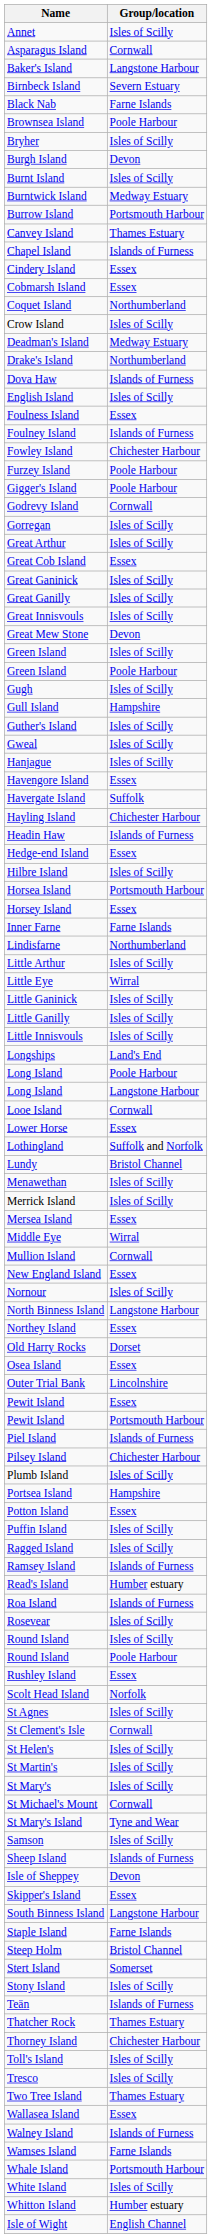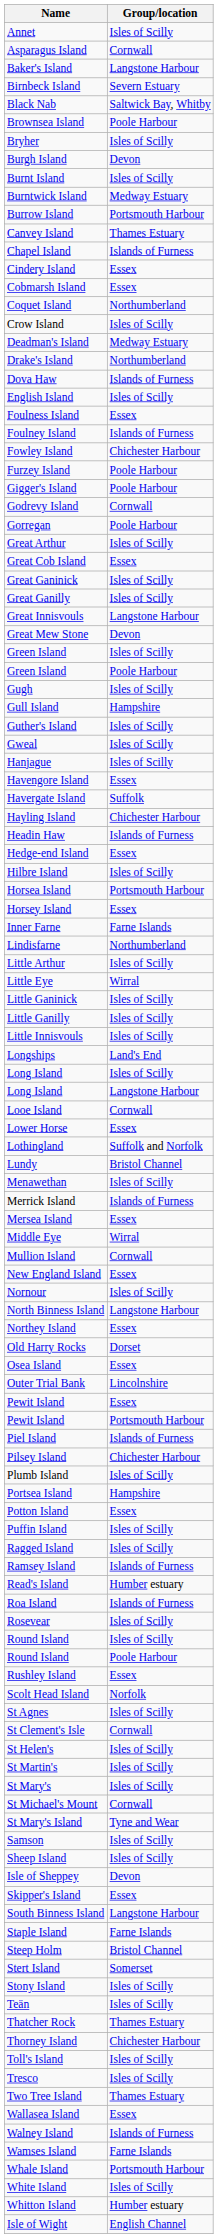 <table class="wikitable sortable static-row-numbers static-row-header-text ">
 <tr>
 <th>Name</th>
 <th>Group/location</th>
 </tr>
 <tr>
 <td><a href='#'>Annet</a></td>
 <td><a href='#'>Isles of Scilly</a></td>
 </tr>
 <tr>
 <td><a href='#'>Asparagus Island</a></td>
 <td><a href='#'>Cornwall</a></td>
 </tr>
 <tr>
 <td><a href='#'>Baker's Island</a></td>
 <td><a href='#'>Langstone Harbour</a></td>
 </tr>
 <tr>
 <td><a href='#'>Birnbeck Island</a></td>
 <td><a href='#'>Severn Estuary</a></td>
 </tr>
 <tr>
 <td><a href='#'>Black Nab</a></td>
-<td><a href='#'>Farne Islands</a></td>
+<td><a href='#'>Saltwick Bay</a>, <a href='#'>Whitby</a></td>
 </tr>
 <tr>
 <td><a href='#'>Brownsea Island</a></td>
 <td><a href='#'>Poole Harbour</a></td>
 </tr>
 <tr>
 <td><a href='#'>Bryher</a></td>
 <td><a href='#'>Isles of Scilly</a></td>
 </tr>
 <tr>
 <td><a href='#'>Burgh Island</a></td>
 <td><a href='#'>Devon</a></td>
 </tr>
 <tr>
 <td><a href='#'>Burnt Island</a></td>
 <td><a href='#'>Isles of Scilly</a></td>
 </tr>
 <tr>
 <td><a href='#'>Burntwick Island</a></td>
 <td><a href='#'>Medway Estuary</a></td>
 </tr>
 <tr>
 <td><a href='#'>Burrow Island</a></td>
 <td><a href='#'>Portsmouth Harbour</a></td>
 </tr>
 <tr 。>
 <td><a href='#'>Canvey Island</a></td>
 <td><a href='#'>Thames Estuary</a></td>
 </tr>
 <tr>
 <td><a href='#'>Chapel Island</a></td>
 <td><a href='#'>Islands of Furness</a></td>
 </tr>
 <tr>
 <td><a href='#'>Cindery Island</a></td>
 <td><a href='#'>Essex</a></td>
 </tr>
 <tr>
 <td><a href='#'>Cobmarsh Island</a></td>
 <td><a href='#'>Essex</a></td>
 </tr>
 <tr>
 <td><a href='#'>Coquet Island</a></td>
 <td><a href='#'>Northumberland</a></td>
 </tr>
 <tr>
 <td>Crow Island</td>
 <td><a href='#'>Isles of Scilly</a></td>
 </tr>
 <tr>
 <td><a href='#'>Deadman's Island</a></td>
 <td><a href='#'>Medway Estuary</a></td>
 </tr>
 <tr>
 <td><a href='#'>Drake's Island</a></td>
 <td><a href='#'>Northumberland</a></td>
 </tr>
 <tr>
 <td><a href='#'>Dova Haw</a></td>
 <td><a href='#'>Islands of Furness</a></td>
 </tr>
 <tr>
 <td><a href='#'>English Island</a></td>
 <td><a href='#'>Isles of Scilly</a></td>
 </tr>
 <tr>
 <td><a href='#'>Foulness Island</a></td>
 <td><a href='#'>Essex</a></td>
 </tr>
 <tr>
 <td><a href='#'>Foulney Island</a></td>
 <td><a href='#'>Islands of Furness</a></td>
 </tr>
 <tr>
 <td><a href='#'>Fowley Island</a></td>
 <td><a href='#'>Chichester Harbour</a></td>
 </tr>
 <tr>
 <td><a href='#'>Furzey Island</a></td>
 <td><a href='#'>Poole Harbour</a></td>
 </tr>
 <tr>
 <td><a href='#'>Gigger's Island</a></td>
 <td><a href='#'>Poole Harbour</a></td>
 </tr>
 <tr>
 <td><a href='#'>Godrevy Island</a></td>
 <td><a href='#'>Cornwall</a></td>
 </tr>
 <tr>
 <td><a href='#'>Gorregan</a></td>
-<td><a href='#'>Isles of Scilly</a></td>
+<td><a href='#'>Poole Harbour</a></td>
 </tr>
 <tr>
 <td><a href='#'>Great Arthur</a></td>
 <td><a href='#'>Isles of Scilly</a></td>
 </tr>
 <tr>
 <td><a href='#'>Great Cob Island</a></td>
 <td><a href='#'>Essex</a></td>
 </tr>
 <tr>
 <td><a href='#'>Great Ganinick</a></td>
 <td><a href='#'>Isles of Scilly</a></td>
 </tr>
 <tr>
 <td><a href='#'>Great Ganilly</a></td>
 <td><a href='#'>Isles of Scilly</a></td>
 </tr>
 <tr>
 <td><a href='#'>Great Innisvouls</a></td>
-<td><a href='#'>Isles of Scilly</a></td>
+<td><a href='#'>Langstone Harbour</a></td>
 </tr>
 <tr>
 <td><a href='#'>Great Mew Stone</a></td>
 <td><a href='#'>Devon</a></td>
 </tr>
 <tr>
 <td><a href='#'>Green Island</a></td>
 <td><a href='#'>Isles of Scilly</a></td>
 </tr>
 <tr>
 <td><a href='#'>Green Island</a></td>
 <td><a href='#'>Poole Harbour</a></td>
 </tr>
 <tr>
 <td><a href='#'>Gugh</a></td>
 <td><a href='#'>Isles of Scilly</a></td>
 </tr>
 <tr>
 <td><a href='#'>Gull Island</a></td>
 <td><a href='#'>Hampshire</a></td>
 </tr>
 <tr>
 <td><a href='#'>Guther's Island</a></td>
 <td><a href='#'>Isles of Scilly</a></td>
 </tr>
 <tr>
 <td><a href='#'>Gweal</a></td>
 <td><a href='#'>Isles of Scilly</a></td>
 </tr>
 <tr>
 <td><a href='#'>Hanjague</a></td>
 <td><a href='#'>Isles of Scilly</a></td>
 </tr>
 <tr>
 <td><a href='#'>Havengore Island</a></td>
 <td><a href='#'>Essex</a></td>
 </tr>
 <tr>
 <td><a href='#'>Havergate Island</a></td>
 <td><a href='#'>Suffolk</a></td>
 </tr>
 <tr>
 <td><a href='#'>Hayling Island</a></td>
 <td><a href='#'>Chichester Harbour</a></td>
 </tr>
 <tr>
 <td><a href='#'>Headin Haw</a></td>
 <td><a href='#'>Islands of Furness</a></td>
 </tr>
 <tr>
 <td><a href='#'>Hedge-end Island</a></td>
 <td><a href='#'>Essex</a></td>
 </tr>
 <tr>
 <td><a href='#'>Hilbre Island</a></td>
 <td><a href='#'>Isles of Scilly</a></td>
 </tr>
 <tr>
 <td><a href='#'>Horsea Island</a></td>
 <td><a href='#'>Portsmouth Harbour</a></td>
 </tr>
 <tr>
 <td><a href='#'>Horsey Island</a></td>
 <td><a href='#'>Essex</a></td>
 </tr>
 <tr>
 <td><a href='#'>Inner Farne</a></td>
 <td><a href='#'>Farne Islands</a></td>
 </tr>
 <tr>
 <td><a href='#'>Lindisfarne</a></td>
 <td><a href='#'>Northumberland</a></td>
 </tr>
 <tr>
 <td><a href='#'>Little Arthur</a></td>
 <td><a href='#'>Isles of Scilly</a></td>
 </tr>
 <tr>
 <td><a href='#'>Little Eye</a></td>
 <td><a href='#'>Wirral</a></td>
 </tr>
 <tr>
 <td><a href='#'>Little Ganinick</a></td>
 <td><a href='#'>Isles of Scilly</a></td>
 </tr>
 <tr>
 <td><a href='#'>Little Ganilly</a></td>
 <td><a href='#'>Isles of Scilly</a></td>
 </tr>
 <tr>
 <td><a href='#'>Little Innisvouls</a></td>
 <td><a href='#'>Isles of Scilly</a></td>
 </tr>
 <tr>
 <td><a href='#'>Longships</a></td>
 <td><a href='#'>Land's End</a></td>
 </tr>
 <tr>
 <td><a href='#'>Long Island</a></td>
-<td><a href='#'>Poole Harbour</a></td>
+<td><a href='#'>Isles of Scilly</a></td>
 </tr>
 <tr>
 <td><a href='#'>Long Island</a></td>
 <td><a href='#'>Langstone Harbour</a></td>
 </tr>
 <tr>
 <td><a href='#'>Looe Island</a></td>
 <td><a href='#'>Cornwall</a></td>
 </tr>
 <tr>
 <td><a href='#'>Lower Horse</a></td>
 <td><a href='#'>Essex</a></td>
 </tr>
 <tr>
 <td><a href='#'>Lothingland</a></td>
 <td><a href='#'>Suffolk</a> and <a href='#'>Norfolk</a></td>
 </tr>
 <tr>
 <td><a href='#'>Lundy</a></td>
 <td><a href='#'>Bristol Channel</a></td>
 </tr>
 <tr>
 <td><a href='#'>Menawethan</a></td>
 <td><a href='#'>Isles of Scilly</a></td>
 </tr>
 <tr>
 <td>Merrick Island</td>
-<td><a href='#'>Isles of Scilly</a></td>
+<td><a href='#'>Islands of Furness</a></td>
 </tr>
 <tr>
 <td><a href='#'>Mersea Island</a></td>
 <td><a href='#'>Essex</a></td>
 </tr>
 <tr>
 <td><a href='#'>Middle Eye</a></td>
 <td><a href='#'>Wirral</a></td>
 </tr>
 <tr>
 <td><a href='#'>Mullion Island</a></td>
 <td><a href='#'>Cornwall</a></td>
 </tr>
 <tr>
 <td><a href='#'>New England Island</a></td>
 <td><a href='#'>Essex</a></td>
 </tr>
 <tr>
 <td><a href='#'>Nornour</a></td>
 <td><a href='#'>Isles of Scilly</a></td>
 </tr>
 <tr>
 <td><a href='#'>North Binness Island</a></td>
 <td><a href='#'>Langstone Harbour</a></td>
 </tr>
 <tr>
 <td><a href='#'>Northey Island</a></td>
 <td><a href='#'>Essex</a></td>
 </tr>
 <tr>
 <td><a href='#'>Old Harry Rocks</a></td>
 <td><a href='#'>Dorset</a></td>
 </tr>
 <tr>
 <td><a href='#'>Osea Island</a></td>
 <td><a href='#'>Essex</a></td>
 </tr>
 <tr>
 <td><a href='#'>Outer Trial Bank</a></td>
 <td><a href='#'>Lincolnshire</a></td>
 </tr>
 <tr>
 <td><a href='#'>Pewit Island</a></td>
 <td><a href='#'>Essex</a></td>
 </tr>
 <tr>
 <td><a href='#'>Pewit Island</a></td>
 <td><a href='#'>Portsmouth Harbour</a></td>
 </tr>
 <tr>
 <td><a href='#'>Piel Island</a></td>
 <td><a href='#'>Islands of Furness</a></td>
 </tr>
 <tr>
 <td><a href='#'>Pilsey Island</a></td>
 <td><a href='#'>Chichester Harbour</a></td>
 </tr>
 <tr>
 <td>Plumb Island</td>
 <td><a href='#'>Isles of Scilly</a></td>
 </tr>
 <tr>
 <td><a href='#'>Portsea Island</a></td>
 <td><a href='#'>Hampshire</a></td>
 </tr>
 <tr>
 <td><a href='#'>Potton Island</a></td>
 <td><a href='#'>Essex</a></td>
 </tr>
 <tr>
 <td><a href='#'>Puffin Island</a></td>
 <td><a href='#'>Isles of Scilly</a></td>
 </tr>
 <tr>
 <td><a href='#'>Ragged Island</a></td>
 <td><a href='#'>Isles of Scilly</a></td>
 </tr>
 <tr>
 <td><a href='#'>Ramsey Island</a></td>
 <td><a href='#'>Islands of Furness</a></td>
 </tr>
 <tr>
 <td><a href='#'>Read's Island</a></td>
 <td><a href='#'>Humber</a> estuary</td>
 </tr>
 <tr>
 <td><a href='#'>Roa Island</a></td>
 <td><a href='#'>Islands of Furness</a></td>
 </tr>
 <tr>
 <td><a href='#'>Rosevear</a></td>
 <td><a href='#'>Isles of Scilly</a></td>
 </tr>
 <tr>
 <td><a href='#'>Round Island</a></td>
 <td><a href='#'>Isles of Scilly</a></td>
 </tr>
 <tr>
 <td><a href='#'>Round Island</a></td>
 <td><a href='#'>Poole Harbour</a></td>
 </tr>
 <tr>
 <td><a href='#'>Rushley Island</a></td>
 <td><a href='#'>Essex</a></td>
 </tr>
 <tr>
 <td><a href='#'>Scolt Head Island</a></td>
 <td><a href='#'>Norfolk</a></td>
 </tr>
 <tr>
 <td><a href='#'>St Agnes</a></td>
 <td><a href='#'>Isles of Scilly</a></td>
 </tr>
 <tr>
 <td><a href='#'>St Clement's Isle</a></td>
 <td><a href='#'>Cornwall</a></td>
 </tr>
 <tr>
 <td><a href='#'>St Helen's</a></td>
 <td><a href='#'>Isles of Scilly</a></td>
 </tr>
 <tr>
 <td><a href='#'>St Martin's</a></td>
 <td><a href='#'>Isles of Scilly</a></td>
 </tr>
 <tr>
 <td><a href='#'>St Mary's</a></td>
 <td><a href='#'>Isles of Scilly</a></td>
 </tr>
 <tr>
 <td><a href='#'>St Michael's Mount</a></td>
 <td><a href='#'>Cornwall</a></td>
 </tr>
 <tr>
 <td><a href='#'>St Mary's Island</a></td>
 <td><a href='#'>Tyne and Wear</a></td>
 </tr>
 <tr>
 <td><a href='#'>Samson</a></td>
 <td><a href='#'>Isles of Scilly</a></td>
 </tr>
 <tr>
 <td><a href='#'>Sheep Island</a></td>
-<td><a href='#'>Islands of Furness</a></td>
+<td><a href='#'>Isles of Scilly</a></td>
 </tr>
 <tr>
 <td><a href='#'>Isle of Sheppey</a></td>
 <td><a href='#'>Devon</a></td>
 </tr>
 <tr>
 <td><a href='#'>Skipper's Island</a></td>
 <td><a href='#'>Essex</a></td>
 </tr>
 <tr>
 <td><a href='#'>South Binness Island</a></td>
 <td><a href='#'>Langstone Harbour</a></td>
 </tr>
 <tr>
 <td><a href='#'>Staple Island</a></td>
 <td><a href='#'>Farne Islands</a></td>
 </tr>
 <tr>
 <td><a href='#'>Steep Holm</a></td>
 <td><a href='#'>Bristol Channel</a></td>
 </tr>
 <tr>
 <td><a href='#'>Stert Island</a></td>
 <td><a href='#'>Somerset</a></td>
 </tr>
 <tr>
 <td><a href='#'>Stony Island</a></td>
 <td><a href='#'>Isles of Scilly</a></td>
 </tr>
 <tr>
 <td><a href='#'>Teän</a></td>
-<td><a href='#'>Islands of Furness</a></td>
+<td><a href='#'>Isles of Scilly</a></td>
 </tr>
 <tr>
 <td><a href='#'>Thatcher Rock</a></td>
 <td><a href='#'>Thames Estuary</a></td>
 </tr>
 <tr>
 <td><a href='#'>Thorney Island</a></td>
 <td><a href='#'>Chichester Harbour</a></td>
 </tr>
 <tr>
 <td><a href='#'>Toll's Island</a></td>
 <td><a href='#'>Isles of Scilly</a></td>
 </tr>
 <tr>
 <td><a href='#'>Tresco</a></td>
 <td><a href='#'>Isles of Scilly</a></td>
 </tr>
 <tr>
 <td><a href='#'>Two Tree Island</a></td>
 <td><a href='#'>Thames Estuary</a></td>
 </tr>
 <tr>
 <td><a href='#'>Wallasea Island</a></td>
 <td><a href='#'>Essex</a></td>
 </tr>
 <tr>
 <td><a href='#'>Walney Island</a></td>
 <td><a href='#'>Islands of Furness</a></td>
 </tr>
 <tr>
 <td><a href='#'>Wamses Island</a></td>
 <td><a href='#'>Farne Islands</a></td>
 </tr>
 <tr>
 <td><a href='#'>Whale Island</a></td>
 <td><a href='#'>Portsmouth Harbour</a></td>
 </tr>
 <tr>
 <td><a href='#'>White Island</a></td>
 <td><a href='#'>Isles of Scilly</a></td>
 </tr>
 <tr>
 <td><a href='#'>Whitton Island</a></td>
 <td><a href='#'>Humber</a> estuary</td>
 </tr>
 <tr>
 <td><a href='#'>Isle of Wight</a></td>
 <td><a href='#'>English Channel</a></td>
 </tr>
 </table>
